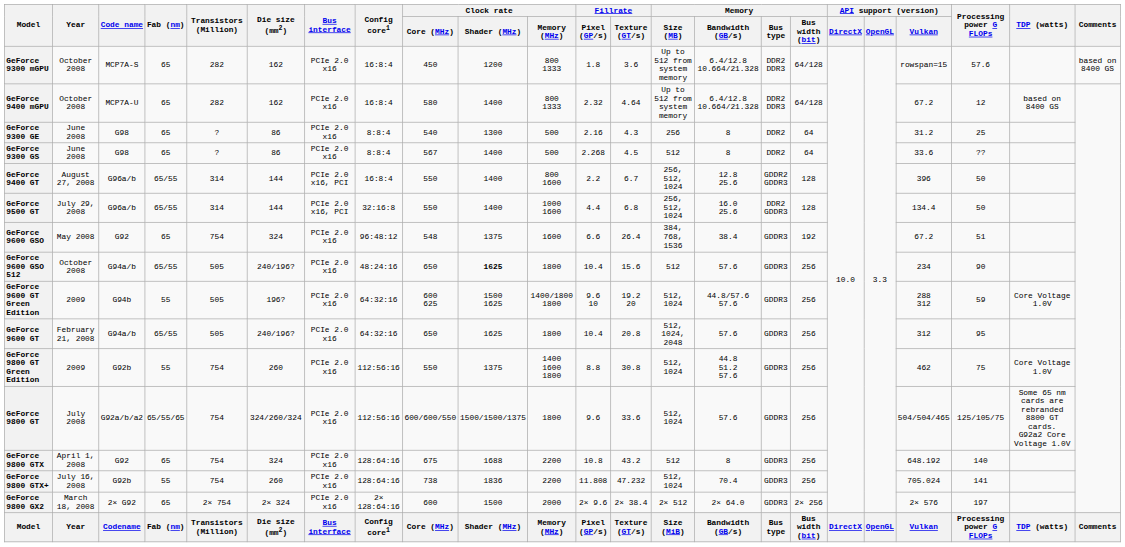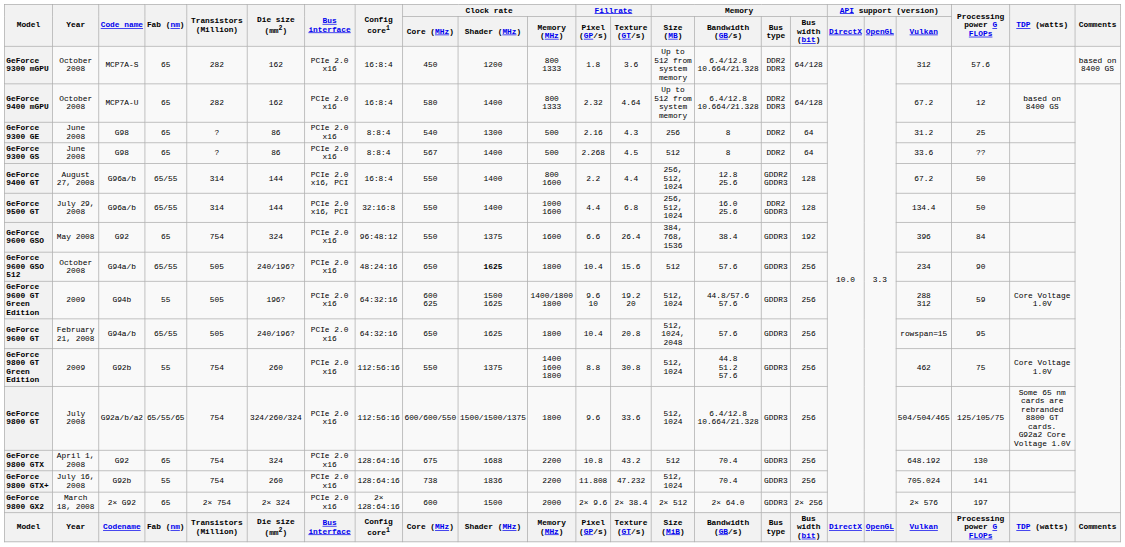 <table class="wikitable" style="font-size: 85%; text-align: center;">
 <tr>
 <th rowspan=2>Model</th>
 <th rowspan=2>Year</th>
 <th rowspan=2><a href='#'>Code name</a></th>
 <th rowspan=2>Fab (<a href='#'>nm</a>)</th>
 <th rowspan=2>Transistors (Million)</th>
 <th rowspan=2>Die size (mm<sup>2</sup>)</th>
 <th rowspan=2><a href='#'>Bus</a> <a href='#'>interface</a></th>
 <th rowspan=2>Config core<sup>1</sup></th>
 <th colspan=3>Clock rate</th>
 <th colspan=2><a href='#'>Fillrate</a></th>
 <th colspan=4>Memory</th>
 <th colspan=3><a href='#'>API</a> support (version)</th>
 <th rowspan=2>Processing power <a href='#'>G</a> <a href='#'>FLOPs</a></th>
 <th rowspan=2><a href='#'>TDP</a> (watts)</th>
 <th rowspan=2>Comments</th>
 </tr>
 <tr>
 <th>Core (<a href='#'>MHz</a>)</th>
 <th>Shader (<a href='#'>MHz</a>)</th>
 <th>Memory (<a href='#'>MHz</a>)</th>
 <th>Pixel (<a href='#'>GP</a>/s)</th>
 <th>Texture (<a href='#'>GT</a>/s)</th>
 <th>Size (<a href='#'>MB</a>)</th>
 <th>Bandwidth (<a href='#'>GB</a>/s)</th>
 <th>Bus type</th>
 <th>Bus width (<a href='#'>bit</a>)</th>
 <th><a href='#'>DirectX</a></th>
 <th><a href='#'>OpenGL</a></th>
 <th><a href='#'>Vulkan</a></th>
 </tr>
 <tr>
 <th style="text-align:left;">GeForce 9300 mGPU</th>
 <td>October 2008</td>
 <td>MCP7A-S</td>
 <td>65</td>
 <td>282</td>
 <td>162</td>
 <td>PCIe 2.0 x16</td>
 <td>16:8:4</td>
 <td>450</td>
 <td>1200</td>
 <td>800<br>1333</td>
 <td>1.8</td>
 <td>3.6</td>
 <td>Up to 512 from system memory</td>
 <td>6.4/12.8<br>10.664/21.328</td>
 <td>DDR2<br>DDR3</td>
 <td>64/128</td>
 <td rowspan="15">10.0</td>
 <td rowspan="15">3.3</td>
-<td>rowspan=15 </td>
+<td>312</td>
 <td>57.6</td>
 <td></td>
 <td>based on 8400 GS</td>
 </tr>
 <tr>
 <th style="text-align:left;">GeForce 9400 mGPU</th>
 <td>October 2008</td>
 <td>MCP7A-U</td>
 <td>65</td>
 <td>282</td>
 <td>162</td>
 <td>PCIe 2.0 x16</td>
 <td>16:8:4</td>
 <td>580</td>
 <td>1400</td>
 <td>800<br>1333</td>
 <td>2.32</td>
 <td>4.64</td>
 <td>Up to 512 from system memory</td>
 <td>6.4/12.8<br>10.664/21.328</td>
 <td>DDR2<br>DDR3</td>
 <td>64/128</td>
 <td>67.2</td>
 <td>12</td>
 <td>based on 8400 GS</td>
 </tr>
 <tr>
 <th style="text-align:left;">GeForce 9300 GE</th>
 <td>June 2008</td>
 <td>G98</td>
 <td>65</td>
 <td>?</td>
 <td>86</td>
 <td>PCIe 2.0 x16</td>
 <td>8:8:4</td>
 <td>540</td>
 <td>1300</td>
 <td>500</td>
 <td>2.16</td>
 <td>4.3</td>
 <td>256</td>
 <td>8</td>
 <td>DDR2</td>
 <td>64</td>
 <td>31.2</td>
 <td>25</td>
 <td></td>
 </tr>
 <tr>
 <th style="text-align:left;">GeForce 9300 GS</th>
 <td>June 2008</td>
 <td>G98</td>
 <td>65</td>
 <td>?</td>
 <td>86</td>
 <td>PCIe 2.0 x16</td>
 <td>8:8:4</td>
 <td>567</td>
 <td>1400</td>
 <td>500</td>
 <td>2.268</td>
 <td>4.5</td>
 <td>512</td>
 <td>8</td>
 <td>DDR2</td>
 <td>64</td>
 <td>33.6</td>
 <td>??</td>
 <td></td>
 </tr>
 <tr>
 <th style="text-align:left;">GeForce 9400 GT</th>
 <td>August 27, 2008</td>
 <td>G96a/b</td>
 <td>65/55</td>
 <td>314</td>
 <td>144</td>
 <td>PCIe 2.0 x16, PCI</td>
 <td>16:8:4</td>
 <td>550</td>
 <td>1400</td>
 <td>800<br>1600</td>
 <td>2.2</td>
-<td>6.7</td>
+<td>4.4</td>
 <td>256, 512, 1024</td>
 <td>12.8<br>25.6</td>
 <td>GDDR2<br>GDDR3</td>
 <td>128</td>
-<td>396</td>
+<td>67.2</td>
 <td>50</td>
 <td></td>
 </tr>
 <tr>
 <th style="text-align:left;">GeForce 9500 GT</th>
 <td>July 29, 2008</td>
 <td>G96a/b</td>
 <td>65/55</td>
 <td>314</td>
 <td>144</td>
 <td>PCIe 2.0 x16, PCI</td>
 <td>32:16:8</td>
 <td>550</td>
 <td>1400</td>
 <td>1000<br>1600</td>
 <td>4.4</td>
 <td>6.8</td>
 <td>256, 512, 1024</td>
 <td>16.0<br>25.6</td>
 <td>DDR2<br>GDDR3</td>
 <td>128</td>
 <td>134.4</td>
 <td>50</td>
 <td></td>
 </tr>
 <tr>
 <th style="text-align:left;">GeForce 9600 GSO</th>
 <td>May 2008</td>
 <td>G92</td>
 <td>65</td>
 <td>754</td>
 <td>324</td>
 <td>PCIe 2.0 x16</td>
 <td>96:48:12</td>
-<td>548</td>
+<td>550</td>
 <td>1375</td>
 <td>1600</td>
 <td>6.6</td>
 <td>26.4</td>
 <td>384, 768, 1536</td>
 <td>38.4</td>
 <td>GDDR3</td>
 <td>192</td>
-<td>67.2</td>
-<td>51</td>
+<td>396</td>
+<td>84</td>
 <td></td>
 </tr>
 <tr>
 <th style="text-align:left;">GeForce 9600 GSO 512</th>
 <td>October 2008</td>
 <td>G94a/b</td>
 <td>65/55</td>
 <td>505</td>
 <td>240/196?</td>
 <td>PCIe 2.0 x16</td>
 <td>48:24:16</td>
 <td>650</td>
 <td><strong>1625</strong></td>
 <td>1800</td>
 <td>10.4</td>
 <td>15.6</td>
 <td>512</td>
 <td>57.6</td>
 <td>GDDR3</td>
 <td>256</td>
 <td>234</td>
 <td>90</td>
 <td></td>
 </tr>
 <tr>
 <th style="text-align:left;">GeForce 9600 GT Green Edition</th>
 <td>2009</td>
 <td>G94b</td>
 <td>55</td>
 <td>505</td>
 <td>196?</td>
 <td>PCIe 2.0 x16</td>
 <td>64:32:16</td>
 <td>600<br>625</td>
 <td>1500<br>1625</td>
 <td>1400/1800<br>1800</td>
 <td>9.6<br>10</td>
 <td>19.2<br>20</td>
 <td>512, 1024</td>
 <td>44.8/57.6<br>57.6</td>
 <td>GDDR3</td>
 <td>256</td>
 <td>288<br>312</td>
 <td>59</td>
 <td>Core Voltage 1.0V</td>
 </tr>
 <tr>
 <th style="text-align:left;">GeForce 9600 GT</th>
 <td>February 21, 2008</td>
 <td>G94a/b</td>
 <td>65/55</td>
 <td>505</td>
 <td>240/196?</td>
 <td>PCIe 2.0 x16</td>
 <td>64:32:16</td>
 <td>650</td>
 <td>1625</td>
 <td>1800</td>
 <td>10.4</td>
 <td>20.8</td>
 <td>512, 1024, 2048</td>
 <td>57.6</td>
 <td>GDDR3</td>
 <td>256</td>
-<td>312</td>
+<td>rowspan=15 </td>
 <td>95</td>
 <td></td>
 </tr>
 <tr>
 <th style="text-align:left;">GeForce 9800 GT Green Edition</th>
 <td>2009</td>
 <td>G92b</td>
 <td>55</td>
 <td>754</td>
 <td>260</td>
 <td>PCIe 2.0 x16</td>
 <td>112:56:16</td>
 <td>550</td>
 <td>1375</td>
 <td>1400<br>1600<br>1800</td>
 <td>8.8</td>
 <td>30.8</td>
 <td>512, 1024</td>
 <td>44.8<br>51.2<br>57.6</td>
 <td>GDDR3</td>
 <td>256</td>
 <td>462</td>
 <td>75</td>
 <td>Core Voltage 1.0V</td>
 </tr>
 <tr>
 <th style="text-align:left;">GeForce 9800 GT</th>
 <td>July 2008</td>
 <td>G92a/b/a2</td>
 <td>65/55/65</td>
 <td>754</td>
 <td>324/260/324</td>
 <td>PCIe 2.0 x16</td>
 <td>112:56:16</td>
 <td>600/600/550</td>
 <td>1500/1500/1375</td>
 <td>1800</td>
 <td>9.6</td>
 <td>33.6</td>
 <td>512, 1024</td>
-<td>57.6</td>
+<td>6.4/12.8<br>10.664/21.328</td>
 <td>GDDR3</td>
 <td>256</td>
 <td>504/504/465</td>
 <td>125/105/75</td>
 <td>Some 65 nm cards are rebranded 8800 GT cards.<br>G92a2 Core Voltage 1.0V</td>
 </tr>
 <tr>
 <th style="text-align:left;">GeForce 9800 GTX</th>
 <td>April 1, 2008</td>
 <td>G92</td>
 <td>65</td>
 <td>754</td>
 <td>324</td>
 <td>PCIe 2.0 x16</td>
 <td>128:64:16</td>
 <td>675</td>
 <td>1688</td>
 <td>2200</td>
 <td>10.8</td>
 <td>43.2</td>
 <td>512</td>
-<td>8</td>
+<td>70.4</td>
 <td>GDDR3</td>
 <td>256</td>
 <td>648.192</td>
-<td>140</td>
+<td>130</td>
 <td></td>
 </tr>
 <tr>
 <th style="text-align:left;">GeForce 9800 GTX+</th>
 <td>July 16, 2008</td>
 <td>G92b</td>
 <td>55</td>
 <td>754</td>
 <td>260</td>
 <td>PCIe 2.0 x16</td>
 <td>128:64:16</td>
 <td>738</td>
 <td>1836</td>
 <td>2200</td>
 <td>11.808</td>
 <td>47.232</td>
 <td>512, 1024</td>
 <td>70.4</td>
 <td>GDDR3</td>
 <td>256</td>
 <td>705.024</td>
 <td>141</td>
 <td></td>
 </tr>
 <tr>
 <th style="text-align:left;">GeForce 9800 GX2</th>
 <td>March 18, 2008</td>
 <td>2× G92</td>
 <td>65</td>
 <td>2× 754</td>
 <td>2× 324</td>
 <td>PCIe 2.0 x16</td>
 <td>2× 128:64:16</td>
 <td>600</td>
 <td>1500</td>
 <td>2000</td>
 <td>2× 9.6</td>
 <td>2× 38.4</td>
 <td>2× 512</td>
 <td>2× 64.0</td>
 <td>GDDR3</td>
 <td>2× 256</td>
 <td>2× 576</td>
 <td>197</td>
 <td></td>
 </tr>
 <tr>
 <th>Model</th>
 <th>Year</th>
 <th><a href='#'>Codename</a></th>
 <th>Fab (<a href='#'>nm</a>)</th>
 <th>Transistors (Million)</th>
 <th>Die size (mm<sup>2</sup>)</th>
 <th><a href='#'>Bus</a> <a href='#'>interface</a></th>
 <th>Config core<sup>1</sup></th>
 <th>Core (<a href='#'>MHz</a>)</th>
 <th>Shader (<a href='#'>MHz</a>)</th>
 <th>Memory (<a href='#'>MHz</a>)</th>
 <th>Pixel (<a href='#'>GP</a>/s)</th>
 <th>Texture (<a href='#'>GT</a>/s)</th>
 <th>Size (<a href='#'>MiB</a>)</th>
 <th>Bandwidth (<a href='#'>GB</a>/s)</th>
 <th>Bus type</th>
 <th>Bus width (<a href='#'>bit</a>)</th>
 <th><a href='#'>DirectX</a></th>
 <th><a href='#'>OpenGL</a></th>
 <th><a href='#'>Vulkan</a></th>
 <th>Processing power <a href='#'>G</a> <a href='#'>FLOPs</a></th>
 <th><a href='#'>TDP</a> (watts)</th>
 <th>Comments</th>
 </tr>
 </table>
